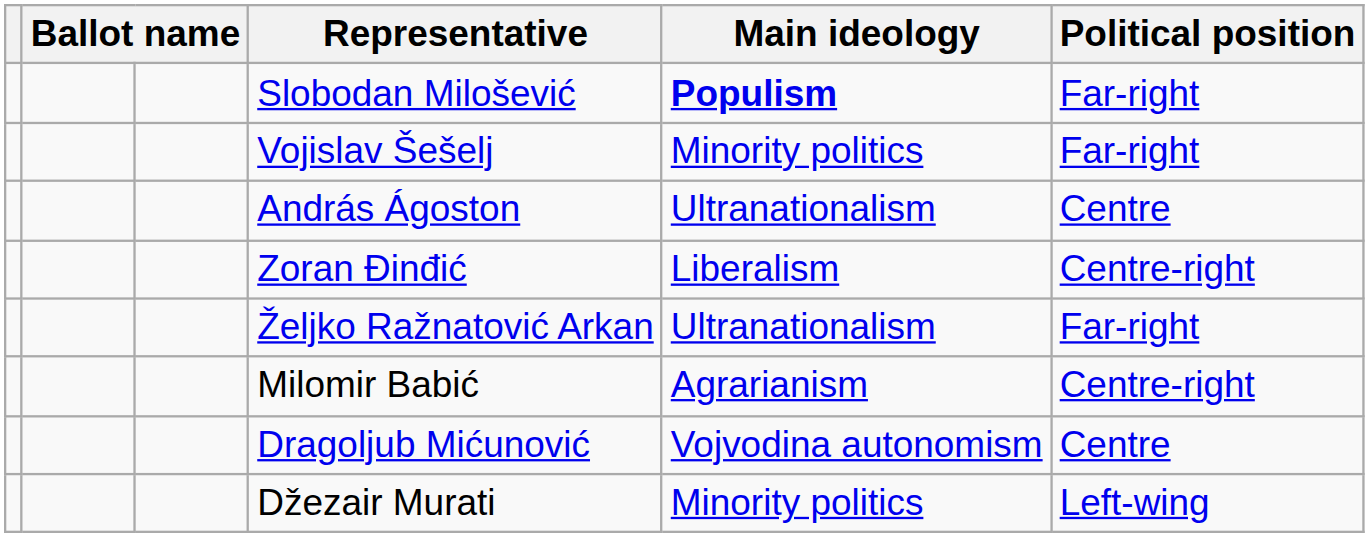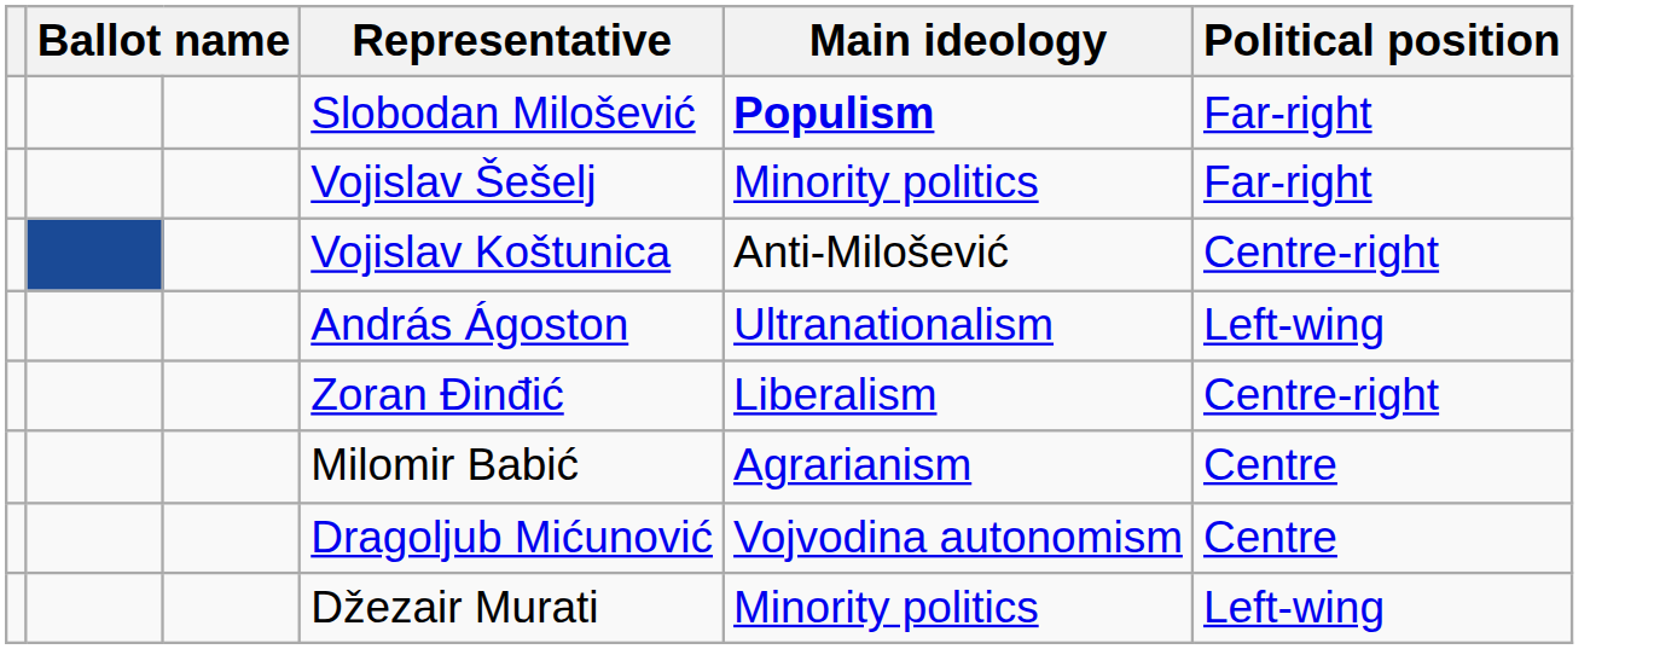 <table class="wikitable">
 <tr>
 <th></th>
 <th colspan="2">Ballot name</th>
 <th>Representative</th>
 <th>Main ideology</th>
 <th>Political position</th>
 </tr>
 <tr>
 <td></td>
 <td style="background:"></td>
 <td></td>
 <td><a href='#'>Slobodan Milošević</a></td>
 <td><strong><a href='#'>Populism</a></strong></td>
 <td><a href='#'>Far-right</a></td>
 </tr>
 <tr>
 <td></td>
 <td style="background:"></td>
 <td></td>
 <td><a href='#'>Vojislav Šešelj</a></td>
 <td><a href='#'>Minority politics</a></td>
 <td><a href='#'>Far-right</a></td>
 </tr>
 <tr>
 <td></td>
+<td style="background:#1A4A96"></td>
+<td></td>
+<td><a href='#'>Vojislav Koštunica</a></td>
+<td>Anti-Milošević</td>
+<td><a href='#'>Centre-right</a></td>
+</tr>
+<tr>
+<td></td>
 <td style="background:"></td>
 <td></td>
 <td><a href='#'>András Ágoston</a></td>
 <td><a href='#'>Ultranationalism</a></td>
-<td><a href='#'>Centre</a></td>
+<td><a href='#'>Left-wing</a></td>
 </tr>
 <tr>
 <td></td>
 <td style="background:"></td>
 <td></td>
 <td><a href='#'>Zoran Đinđić</a></td>
 <td><a href='#'>Liberalism</a></td>
 <td><a href='#'>Centre-right</a></td>
 </tr>
 <tr>
 <td></td>
 <td style="background:"></td>
 <td></td>
-<td><a href='#'>Željko Ražnatović Arkan</a></td>
-<td><a href='#'>Ultranationalism</a></td>
-<td><a href='#'>Far-right</a></td>
-</tr>
-<tr>
-<td></td>
-<td style="background:"></td>
-<td></td>
 <td>Milomir Babić</td>
 <td><a href='#'>Agrarianism</a></td>
-<td><a href='#'>Centre-right</a></td>
+<td><a href='#'>Centre</a></td>
 </tr>
 <tr>
 <td></td>
 <td style="background:"></td>
 <td></td>
 <td><a href='#'>Dragoljub Mićunović</a></td>
 <td><a href='#'>Vojvodina autonomism</a></td>
 <td><a href='#'>Centre</a></td>
 </tr>
 <tr>
 <td></td>
 <td style="background:"></td>
 <td></td>
 <td>Džezair Murati</td>
 <td><a href='#'>Minority politics</a></td>
 <td><a href='#'>Left-wing</a></td>
 </tr>
 </table>
